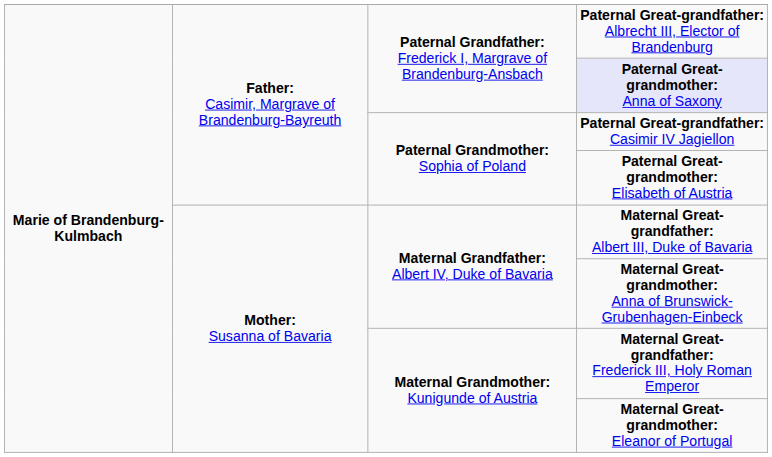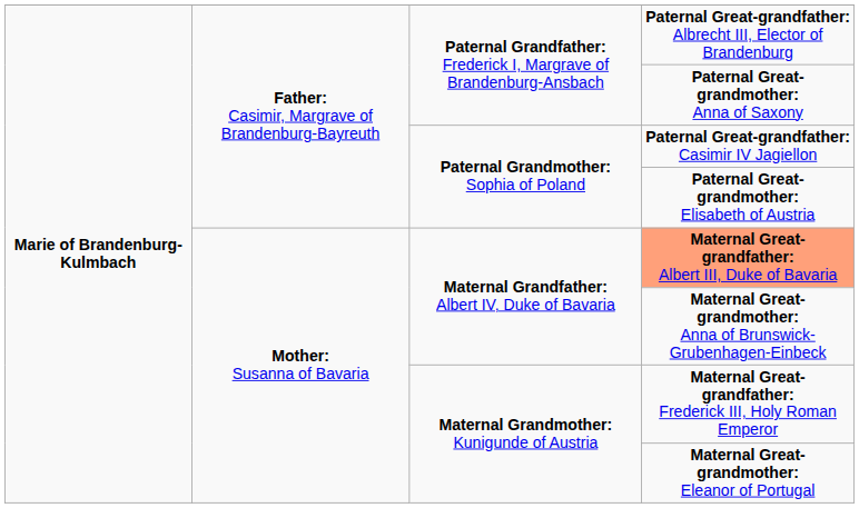 <table class="wikitable">
 <tr>
 </tr>
 <tr>
 <td rowspan="8" align="center"><strong>Marie of Brandenburg-Kulmbach</strong></td>
 <td rowspan="4" align="center"><strong>Father:</strong><br><a href='#'>Casimir, Margrave of Brandenburg-Bayreuth</a></td>
 <td rowspan="2" align="center"><strong>Paternal Grandfather:</strong><br><a href='#'>Frederick I, Margrave of Brandenburg-Ansbach</a></td>
 <td align="center"><strong>Paternal Great-grandfather:</strong><br><a href='#'>Albrecht III, Elector of Brandenburg</a></td>
 </tr>
 <tr>
-<td align="center" style="background: lavender;"><strong>Paternal Great-grandmother:</strong><br><a href='#'>Anna of Saxony</a></td>
+<td align="center"><strong>Paternal Great-grandmother:</strong><br><a href='#'>Anna of Saxony</a></td>
 </tr>
 <tr>
 <td rowspan="2" align="center"><strong>Paternal Grandmother:</strong><br><a href='#'>Sophia of Poland</a></td>
 <td align="center"><strong>Paternal Great-grandfather:</strong><br><a href='#'>Casimir IV Jagiellon</a></td>
 </tr>
 <tr>
 <td align="center"><strong>Paternal Great-grandmother:</strong><br><a href='#'>Elisabeth of Austria</a></td>
 </tr>
 <tr>
 <td rowspan="4" align="center"><strong>Mother:</strong><br><a href='#'>Susanna of Bavaria</a></td>
 <td rowspan="2" align="center"><strong>Maternal Grandfather:</strong><br><a href='#'>Albert IV, Duke of Bavaria</a></td>
-<td align="center"><strong>Maternal Great-grandfather:</strong><br><a href='#'>Albert III, Duke of Bavaria</a></td>
+<td align="center" style="background: lightsalmon;"><strong>Maternal Great-grandfather:</strong><br><a href='#'>Albert III, Duke of Bavaria</a></td>
 </tr>
 <tr>
 <td align="center"><strong>Maternal Great-grandmother:</strong><br><a href='#'>Anna of Brunswick-Grubenhagen-Einbeck</a></td>
 </tr>
 <tr>
 <td rowspan="2" align="center"><strong>Maternal Grandmother:</strong><br><a href='#'>Kunigunde of Austria</a></td>
 <td align="center"><strong>Maternal Great-grandfather:</strong><br><a href='#'>Frederick III, Holy Roman Emperor</a></td>
 </tr>
 <tr>
 <td align="center"><strong>Maternal Great-grandmother:</strong><br><a href='#'>Eleanor of Portugal</a></td>
 </tr>
 </table>
